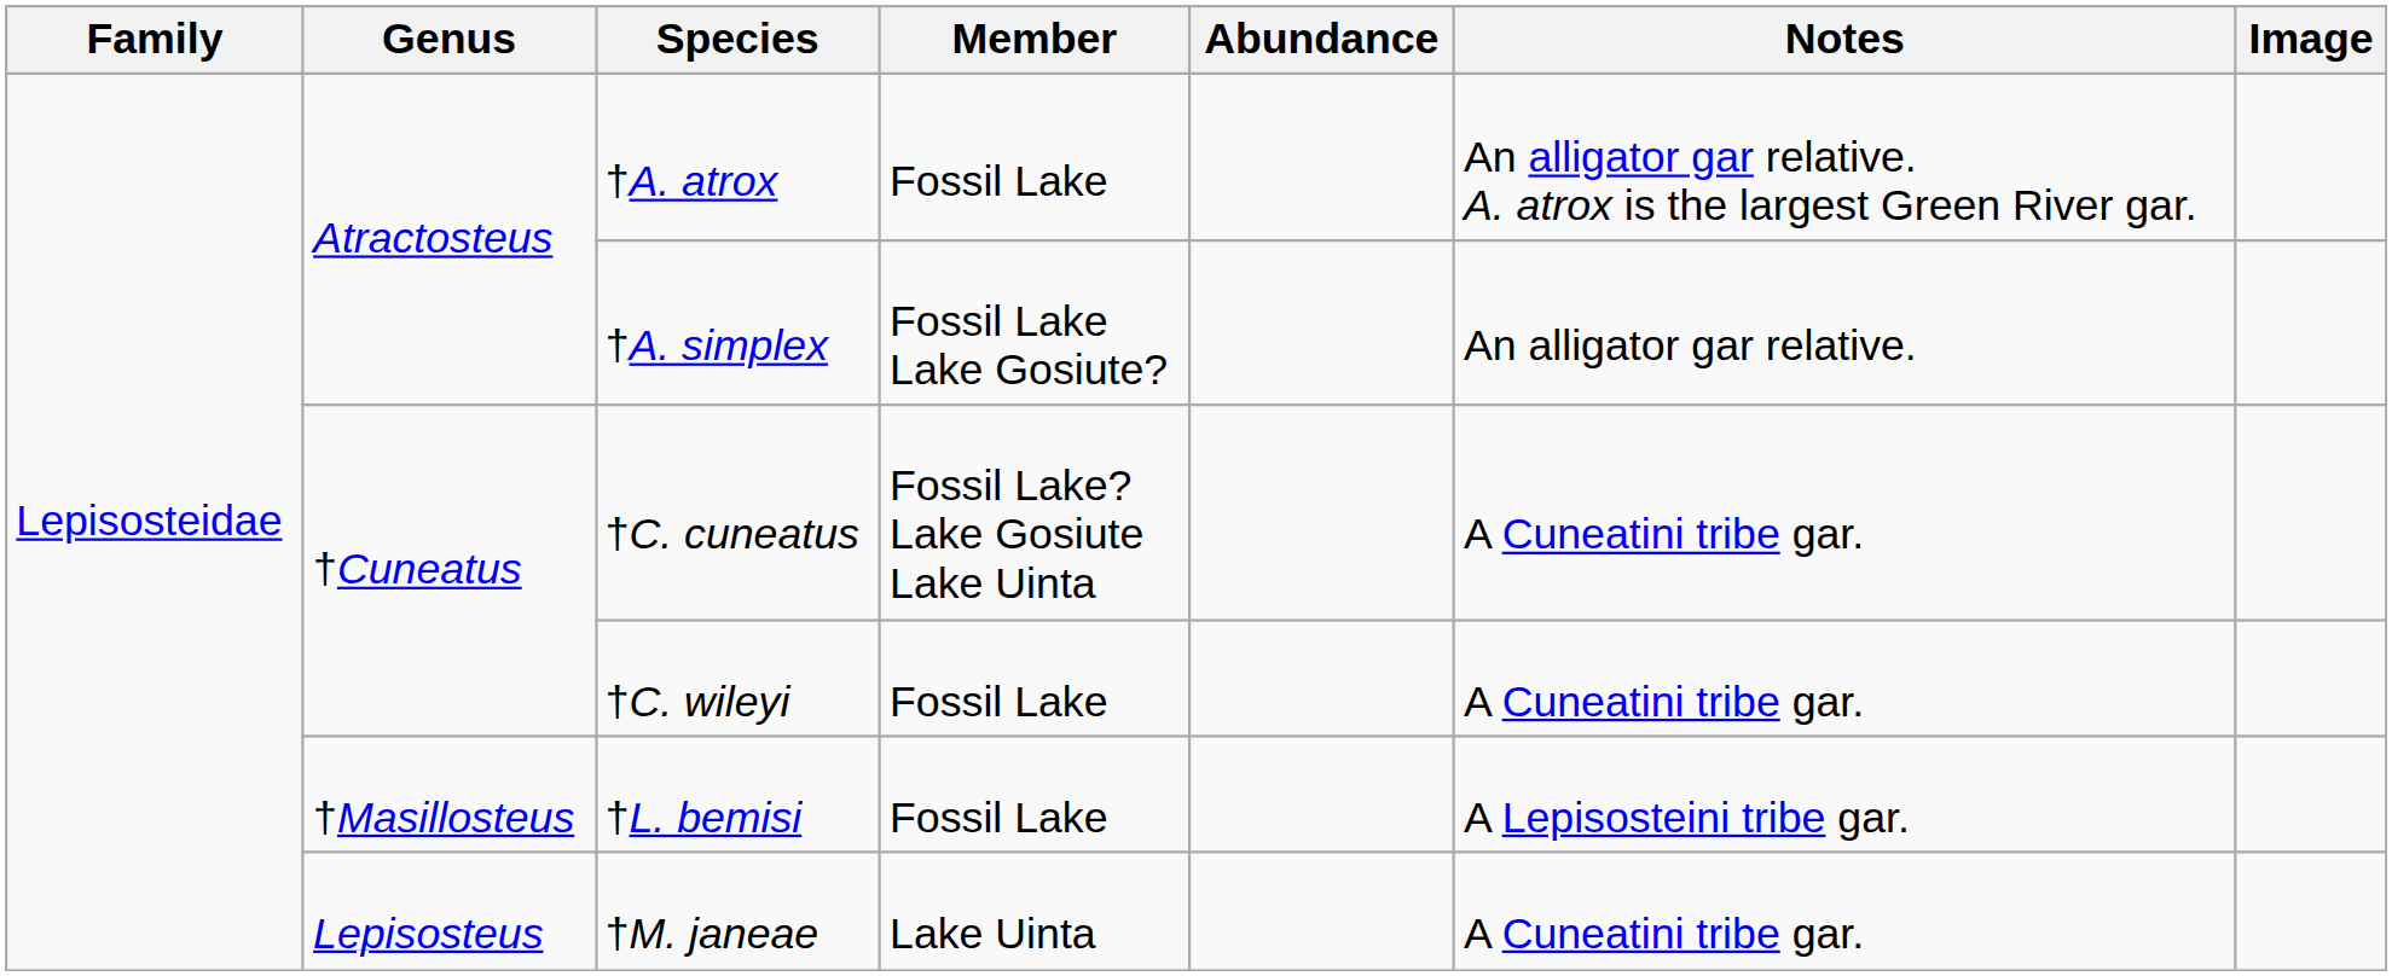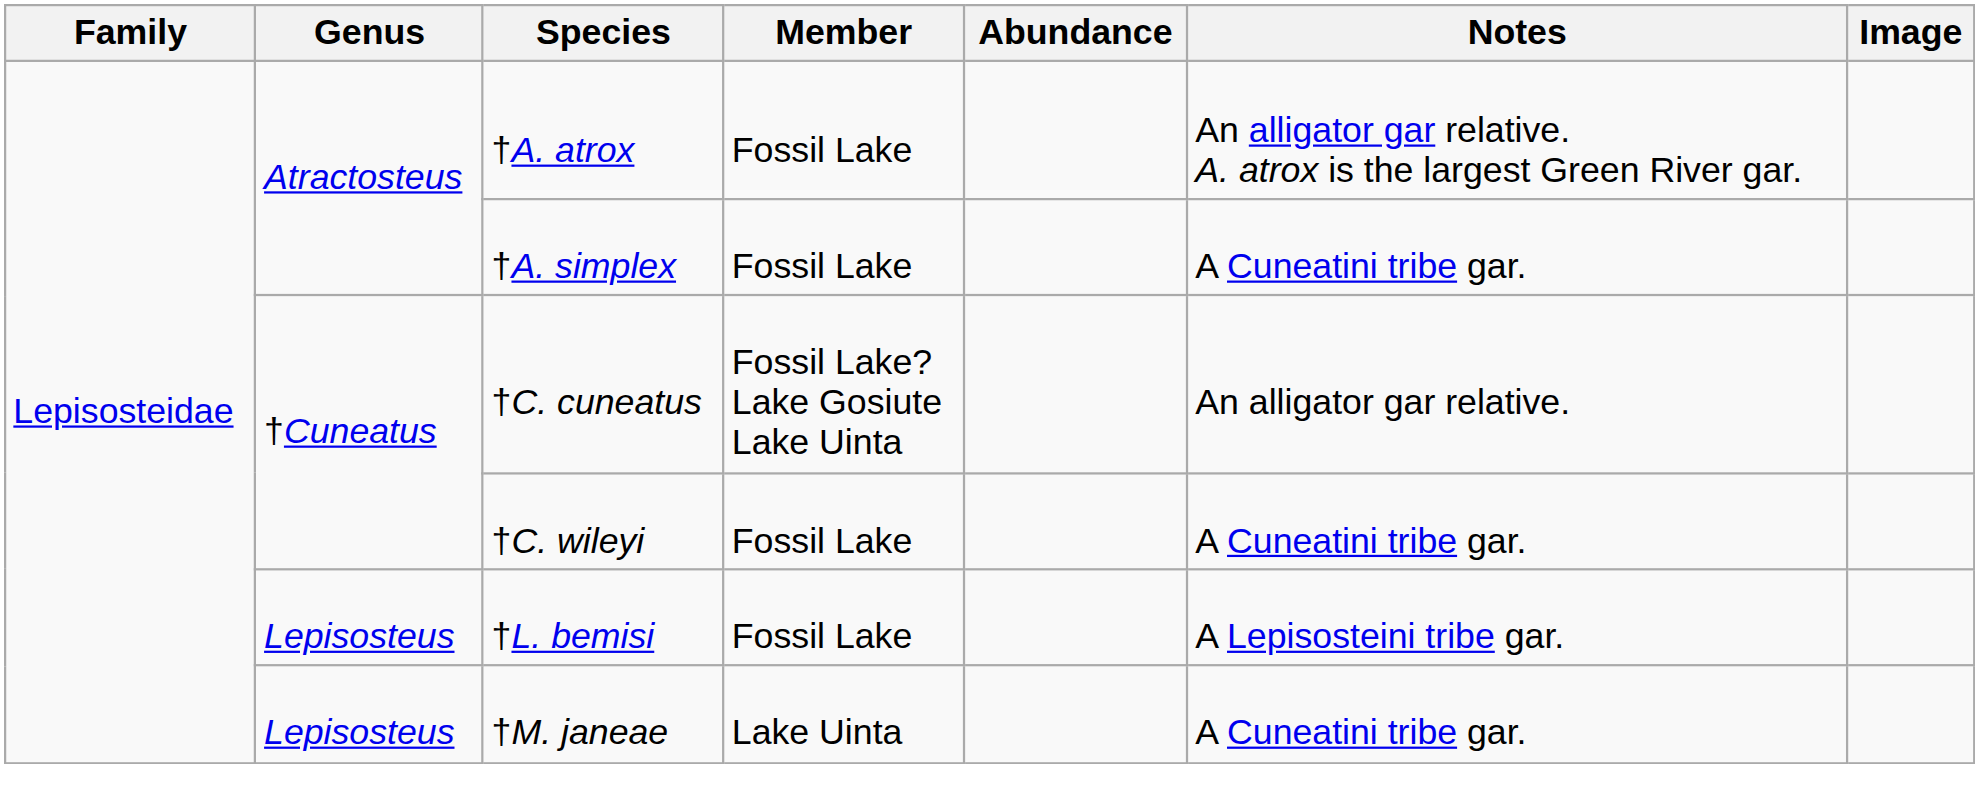 <table class="wikitable" style="margin:auto;width:100%;">
 <tr>
 <th>Family</th>
 <th>Genus</th>
 <th>Species</th>
 <th>Member</th>
 <th>Abundance</th>
 <th>Notes</th>
 <th>Image</th>
 </tr>
 <tr>
 <td rowspan=6><a href='#'>Lepisosteidae</a></td>
 <td rowspan=2><em><a href='#'>Atractosteus</a></em></td>
 <td><br>†<em><a href='#'>A. atrox</a></em> </td>
 <td><br>Fossil Lake</td>
 <td></td>
 <td><br>An <a href='#'>alligator gar</a> relative.<br><em>A. atrox</em> is the largest Green River gar.</td>
 <td><br></td>
 </tr>
 <tr>
 <td><br>†<em><a href='#'>A. simplex</a></em> </td>
-<td><br>Fossil Lake<br> Lake Gosiute?</td>
+<td><br>Fossil Lake</td>
 <td></td>
-<td><br>An alligator gar relative.</td>
+<td><br>A <a href='#'>Cuneatini tribe</a> gar.</td>
 <td><br></td>
 </tr>
 <tr>
 <td rowspan=2>†<em><a href='#'>Cuneatus</a></em></td>
 <td><br>†<em>C. cuneatus</em> </td>
 <td><br>Fossil Lake?<br> Lake Gosiute<br> Lake Uinta</td>
 <td></td>
-<td><br>A <a href='#'>Cuneatini tribe</a> gar.</td>
+<td><br>An alligator gar relative.</td>
 <td></td>
 </tr>
 <tr>
 <td><br>†<em>C. wileyi</em> </td>
 <td><br>Fossil Lake</td>
 <td></td>
 <td><br>A <a href='#'>Cuneatini tribe</a> gar.</td>
 <td></td>
 </tr>
 <tr>
-<td><br>†<em><a href='#'>Masillosteus</a></em></td>
+<td><br><em><a href='#'>Lepisosteus</a></em></td>
 <td><br>†<em><a href='#'>L. bemisi</a></em> </td>
 <td><br>Fossil Lake</td>
 <td></td>
 <td><br>A <a href='#'>Lepisosteini tribe</a> gar.</td>
 <td><br></td>
 </tr>
 <tr>
 <td><br><em><a href='#'>Lepisosteus</a></em></td>
 <td><br>†<em>M. janeae</em> </td>
 <td><br>Lake Uinta</td>
 <td></td>
 <td><br>A <a href='#'>Cuneatini tribe</a> gar.</td>
 <td><br></td>
 </tr>
 </table>
